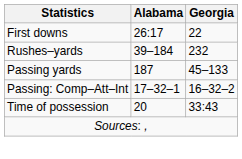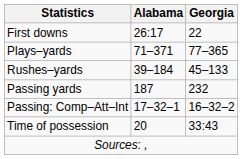 <table class="wikitable">
 <tr>
 <th>Statistics</th>
 <th>Alabama</th>
 <th>Georgia</th>
 </tr>
 <tr>
 <td>First downs</td>
 <td>26:17</td>
 <td>22</td>
 </tr>
 <tr>
+<td>Plays–yards</td>
+<td>71–371</td>
+<td>77–365</td>
+</tr>
+<tr>
 <td>Rushes–yards</td>
 <td>39–184</td>
-<td>232</td>
+<td>45–133</td>
 </tr>
 <tr>
 <td>Passing yards</td>
 <td>187</td>
-<td>45–133</td>
+<td>232</td>
 </tr>
 <tr>
 <td>Passing: Comp–Att–Int</td>
 <td>17–32–1</td>
 <td>16–32–2</td>
 </tr>
 <tr>
 <td>Time of possession</td>
 <td>20</td>
 <td>33:43</td>
 </tr>
 <tr>
 <td colspan=3 style="text-align:center"><em>Sources</em>: <em>, </em></td>
 </tr>
 </table>
